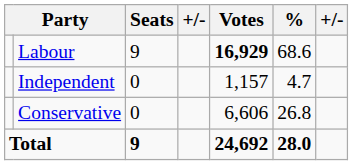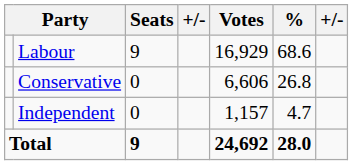 <table class="wikitable sortable">
 <tr>
 <th colspan="2">Party</th>
 <th>Seats</th>
 <th>+/-</th>
 <th>Votes</th>
 <th>%</th>
 <th>+/-</th>
 </tr>
 <tr>
 <td style="background-color: "></td>
 <td><a href='#'>Labour</a></td>
 <td>9</td>
 <td></td>
-<td style="text-align:right;"><strong>16,929</strong></td>
+<td style="text-align:right;">16,929</td>
 <td style="text-align:right;">68.6</td>
+<td style="text-align:right;"></td>
+</tr>
+<tr>
+<td style="background-color: "></td>
+<td><a href='#'>Conservative</a></td>
+<td>0</td>
+<td></td>
+<td style="text-align:right;">6,606</td>
+<td style="text-align:right;">26.8</td>
 <td style="text-align:right;"></td>
 </tr>
 <tr>
 <td style="background-color: "></td>
 <td><a href='#'>Independent</a></td>
 <td>0</td>
 <td></td>
 <td style="text-align:right;">1,157</td>
 <td style="text-align:right;">4.7</td>
 <td style="text-align:right;"></td>
 </tr>
 <tr>
-<td style="background-color: "></td>
-<td><a href='#'>Conservative</a></td>
-<td>0</td>
-<td></td>
-<td style="text-align:right;">6,606</td>
-<td style="text-align:right;">26.8</td>
-<td style="text-align:right;"></td>
-</tr>
-<tr>
 <td colspan="2"><strong>Total</strong></td>
 <td><strong>9</strong></td>
 <td></td>
 <td style="text-align:right;"><strong>24,692</strong></td>
 <td style="text-align:right;"><strong>28.0</strong></td>
 <td></td>
 </tr>
 </table>
